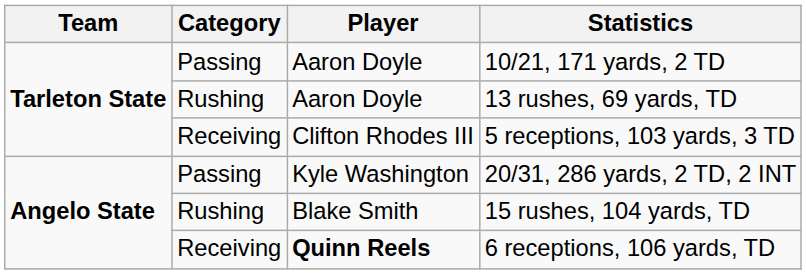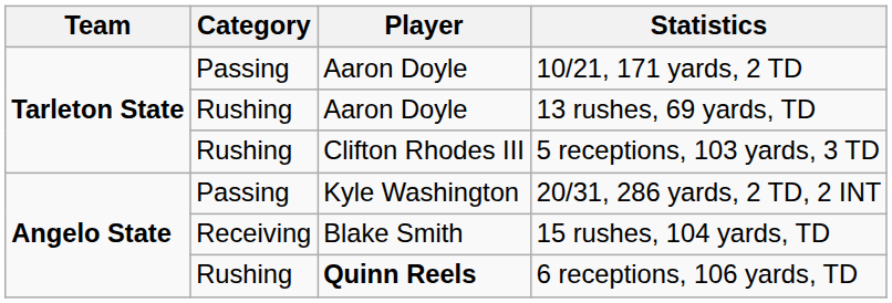 <table class="wikitable" style="float: left;">
 <tr>
 <th>Team</th>
 <th>Category</th>
 <th>Player</th>
 <th>Statistics</th>
 </tr>
 <tr>
 <td rowspan=3><strong>Tarleton State</strong></td>
 <td>Passing</td>
 <td>Aaron Doyle</td>
 <td>10/21, 171 yards, 2 TD</td>
 </tr>
 <tr>
 <td>Rushing</td>
 <td>Aaron Doyle</td>
 <td>13 rushes, 69 yards, TD</td>
 </tr>
 <tr>
-<td>Receiving</td>
+<td>Rushing</td>
 <td>Clifton Rhodes III</td>
 <td>5 receptions, 103 yards, 3 TD</td>
 </tr>
 <tr>
 <td rowspan=3><strong>Angelo State</strong></td>
 <td>Passing</td>
 <td>Kyle Washington</td>
 <td>20/31, 286 yards, 2 TD, 2 INT</td>
 </tr>
 <tr>
-<td>Rushing</td>
+<td>Receiving</td>
 <td>Blake Smith</td>
 <td>15 rushes, 104 yards, TD</td>
 </tr>
 <tr>
-<td>Receiving</td>
+<td>Rushing</td>
 <td><strong>Quinn Reels</strong></td>
 <td>6 receptions, 106 yards, TD</td>
 </tr>
 </table>
